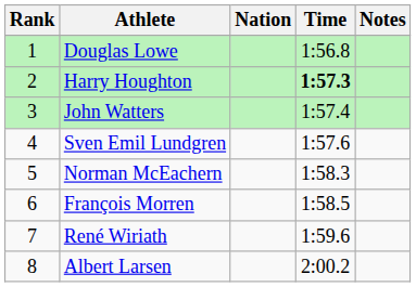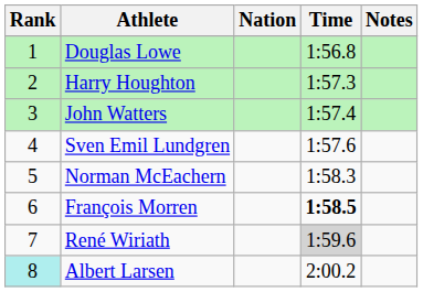 <table class="wikitable sortable" style="text-align:center">
 <tr>
 <th>Rank</th>
 <th>Athlete</th>
 <th>Nation</th>
 <th>Time</th>
 <th>Notes</th>
 </tr>
 <tr>
 </tr>
 <tr bgcolor=bbf3bb>
 <td>1</td>
 <td align=left><a href='#'>Douglas Lowe</a></td>
 <td align=left></td>
 <td>1:56.8</td>
 <td></td>
 </tr>
 <tr bgcolor=bbf3bb>
 <td>2</td>
 <td align=left><a href='#'>Harry Houghton</a></td>
 <td align=left></td>
-<td><strong>1:57.3</strong></td>
+<td>1:57.3</td>
 <td></td>
 </tr>
 <tr bgcolor=bbf3bb>
 <td>3</td>
 <td align=left><a href='#'>John Watters</a></td>
 <td align=left></td>
 <td>1:57.4</td>
 <td></td>
 </tr>
 <tr>
 <td>4</td>
 <td align=left><a href='#'>Sven Emil Lundgren</a></td>
 <td align=left></td>
 <td>1:57.6</td>
 <td></td>
 </tr>
 <tr>
 <td>5</td>
 <td align=left><a href='#'>Norman McEachern</a></td>
 <td align=left></td>
 <td>1:58.3</td>
 <td></td>
 </tr>
 <tr>
 <td>6</td>
 <td align=left><a href='#'>François Morren</a></td>
 <td align=left></td>
-<td>1:58.5</td>
+<td><strong>1:58.5</strong></td>
 <td></td>
 </tr>
 <tr>
 <td>7</td>
 <td align=left><a href='#'>René Wiriath</a></td>
 <td align=left></td>
-<td>1:59.6</td>
+<td style="background: lightgrey;">1:59.6</td>
 <td></td>
 </tr>
 <tr>
-<td>8</td>
+<td style="background: paleturquoise;">8</td>
 <td align=left><a href='#'>Albert Larsen</a></td>
 <td align=left></td>
 <td>2:00.2</td>
 <td></td>
 </tr>
 </table>
